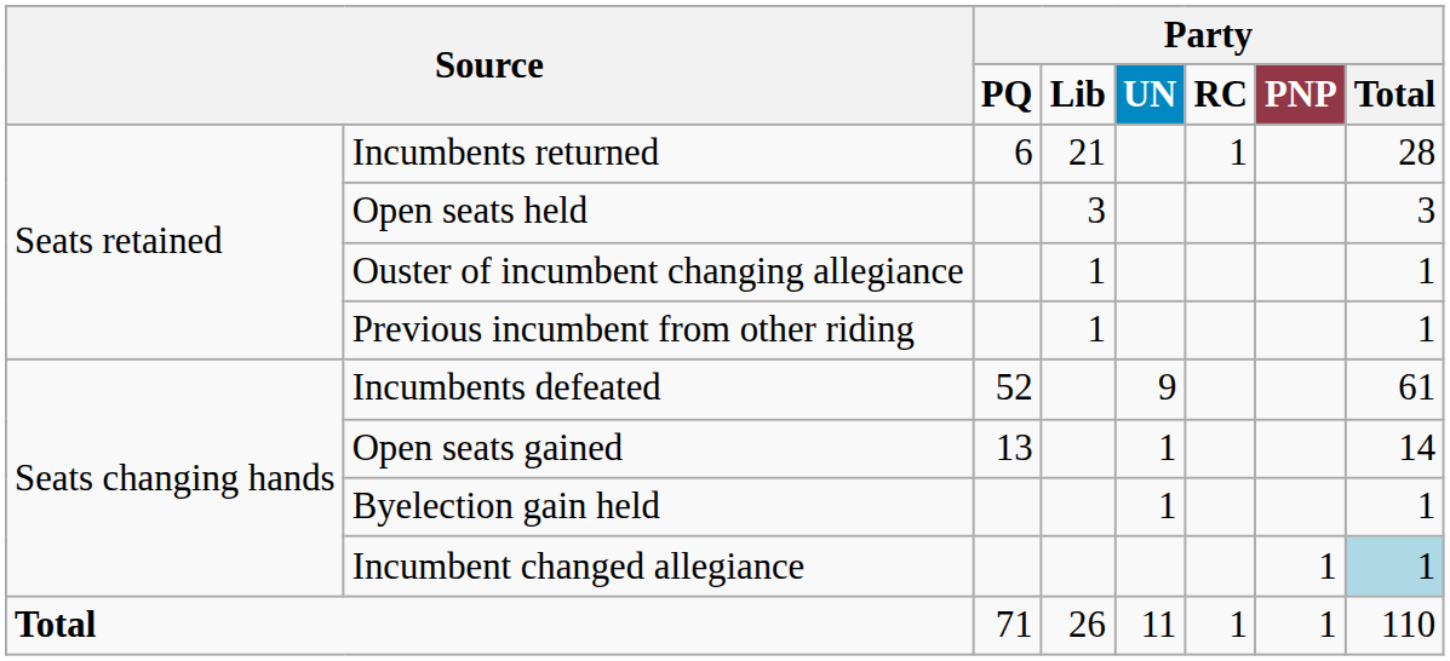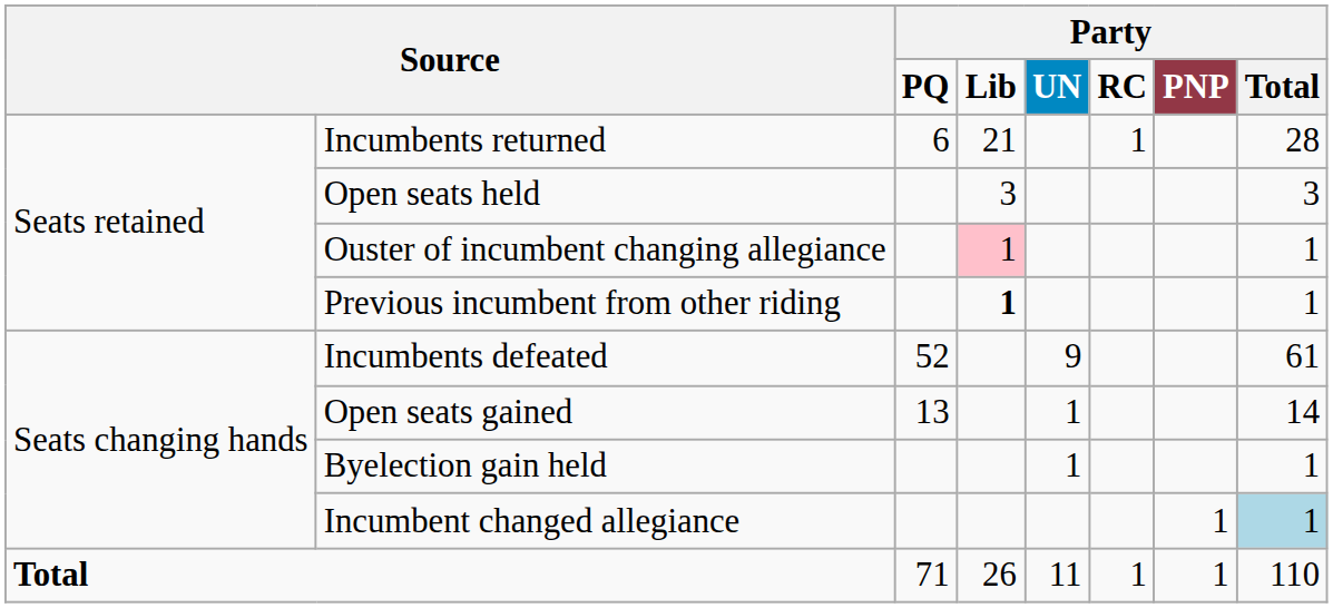 <table class="wikitable" style="text-align:right;">
 <tr>
 <th colspan="2" rowspan="2">Source</th>
 <th colspan="6">Party</th>
 </tr>
 <tr>
 <td><strong>PQ</strong></td>
 <td><strong>Lib</strong></td>
 <td style="background: #0088C2; color: white" align="center"><strong>UN</strong></td>
 <td><strong>RC</strong></td>
 <td style="background: #923746; color: white" align="center"><strong>PNP</strong></td>
 <th>Total</th>
 </tr>
 <tr>
 <td rowspan="4" style="text-align:left;">Seats retained</td>
 <td style="text-align:left;">Incumbents returned</td>
 <td>6</td>
 <td>21</td>
 <td></td>
 <td>1</td>
 <td></td>
 <td>28</td>
 </tr>
 <tr>
 <td style="text-align:left;">Open seats held</td>
 <td></td>
 <td>3</td>
 <td></td>
 <td></td>
 <td></td>
 <td>3</td>
 </tr>
 <tr>
 <td style="text-align:left;">Ouster of incumbent changing allegiance</td>
 <td></td>
-<td>1</td>
+<td style="background: pink;">1</td>
 <td></td>
 <td></td>
 <td></td>
 <td>1</td>
 </tr>
 <tr>
 <td style="text-align:left;">Previous incumbent from other riding</td>
 <td></td>
-<td>1</td>
+<td><strong>1</strong></td>
 <td></td>
 <td></td>
 <td></td>
 <td>1</td>
 </tr>
 <tr>
 <td rowspan="4" style="text-align:left;">Seats changing hands</td>
 <td style="text-align:left;">Incumbents defeated</td>
 <td>52</td>
 <td></td>
 <td>9</td>
 <td></td>
 <td></td>
 <td>61</td>
 </tr>
 <tr>
 <td style="text-align:left;">Open seats gained</td>
 <td>13</td>
 <td></td>
 <td>1</td>
 <td></td>
 <td></td>
 <td>14</td>
 </tr>
 <tr>
 <td style="text-align:left;">Byelection gain held</td>
 <td></td>
 <td></td>
 <td>1</td>
 <td></td>
 <td></td>
 <td>1</td>
 </tr>
 <tr>
 <td style="text-align:left;">Incumbent changed allegiance</td>
 <td></td>
 <td></td>
 <td></td>
 <td></td>
 <td>1</td>
 <td style="background: lightblue;">1</td>
 </tr>
 <tr>
 <td colspan="2" style="text-align:left;"><strong>Total</strong></td>
 <td>71</td>
 <td>26</td>
 <td>11</td>
 <td>1</td>
 <td>1</td>
 <td>110</td>
 </tr>
 </table>
